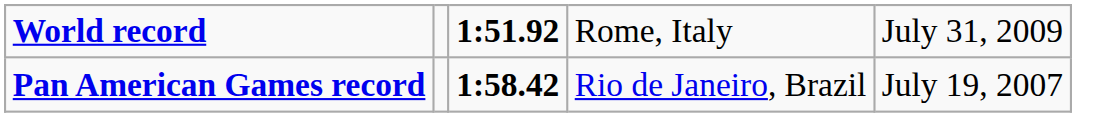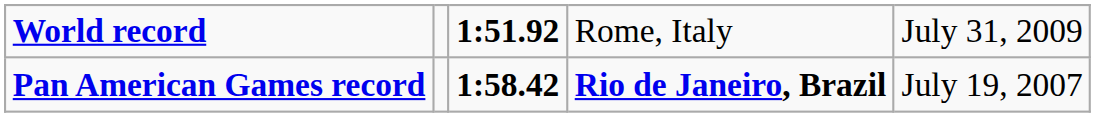 <table class="wikitable">
 <tr>
 <td><strong><a href='#'>World record</a></strong></td>
 <td></td>
 <td><strong>1:51.92</strong></td>
 <td>Rome, Italy</td>
 <td>July 31, 2009</td>
 </tr>
 <tr>
 <td><strong><a href='#'>Pan American Games record</a></strong></td>
 <td></td>
 <td><strong>1:58.42</strong></td>
-<td><a href='#'>Rio de Janeiro</a>, Brazil</td>
+<td><strong><a href='#'>Rio de Janeiro</a>, Brazil</strong></td>
 <td>July 19, 2007</td>
 </tr>
 </table>
